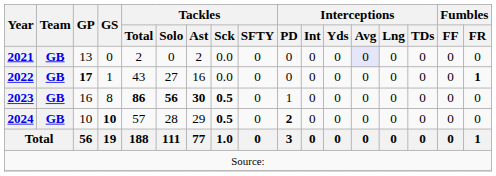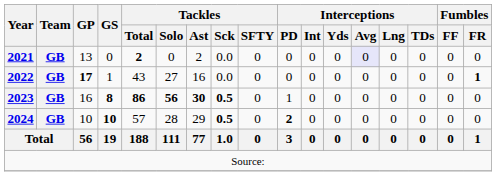 <table class="wikitable" style="text-align: center;">
 <tr>
 <th rowspan=2>Year</th>
 <th rowspan=2>Team</th>
 <th rowspan=2>GP</th>
 <th rowspan=2>GS</th>
 <th colspan=5>Tackles</th>
 <th colspan=6>Interceptions</th>
 <th colspan=2>Fumbles</th>
 </tr>
 <tr>
 <th>Total</th>
 <th>Solo</th>
 <th>Ast</th>
 <th>Sck</th>
 <th>SFTY</th>
 <th>PD</th>
 <th>Int</th>
 <th>Yds</th>
 <th>Avg</th>
 <th>Lng</th>
 <th>TDs</th>
 <th>FF</th>
 <th>FR</th>
 </tr>
 <tr>
 <th><a href='#'>2021</a></th>
 <th><a href='#'>GB</a></th>
 <td>13</td>
 <td>0</td>
-<td>2</td>
+<td><strong>2</strong></td>
 <td>0</td>
 <td>2</td>
 <td>0.0</td>
 <td>0</td>
 <td>0</td>
 <td>0</td>
 <td>0</td>
 <td style="background: lavender;">0</td>
 <td>0</td>
 <td>0</td>
 <td>0</td>
 <td>0</td>
 </tr>
 <tr>
 <th><a href='#'>2022</a></th>
 <th><a href='#'>GB</a></th>
 <td><strong>17</strong></td>
 <td>1</td>
 <td>43</td>
 <td>27</td>
 <td>16</td>
 <td>0.0</td>
 <td>0</td>
 <td>0</td>
 <td>0</td>
 <td>0</td>
 <td>0</td>
 <td>0</td>
 <td>0</td>
 <td>0</td>
 <td><strong>1</strong></td>
 </tr>
 <tr>
 <th><a href='#'>2023</a></th>
 <th><a href='#'>GB</a></th>
 <td>16</td>
-<td>8</td>
+<td><strong>8</strong></td>
 <td><strong>86</strong></td>
 <td><strong>56</strong></td>
 <td><strong>30</strong></td>
 <td><strong>0.5</strong></td>
 <td>0</td>
 <td>1</td>
 <td>0</td>
 <td>0</td>
 <td>0</td>
 <td>0</td>
 <td>0</td>
 <td>0</td>
 <td>0</td>
 </tr>
 <tr>
 <th><a href='#'>2024</a></th>
 <th><a href='#'>GB</a></th>
 <td>10</td>
 <td><strong>10</strong></td>
 <td>57</td>
 <td>28</td>
 <td>29</td>
 <td><strong>0.5</strong></td>
 <td>0</td>
 <td><strong>2</strong></td>
 <td>0</td>
 <td>0</td>
 <td>0</td>
 <td>0</td>
 <td>0</td>
 <td>0</td>
 <td>0</td>
 </tr>
 <tr>
 <th colspan="2">Total</th>
 <th>56</th>
 <th>19</th>
 <th>188</th>
 <th>111</th>
 <th>77</th>
 <th>1.0</th>
 <th>0</th>
 <th>3</th>
 <th>0</th>
 <th>0</th>
 <th>0</th>
 <th>0</th>
 <th>0</th>
 <th>0</th>
 <th>1</th>
 </tr>
 <tr>
 <td colspan="17"><small>Source: </small></td>
 </tr>
 <tr>
 </tr>
 </table>
